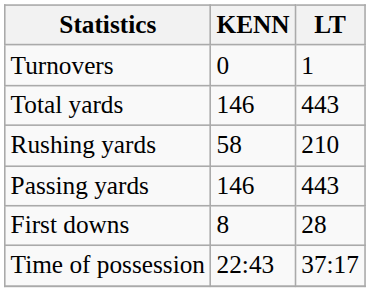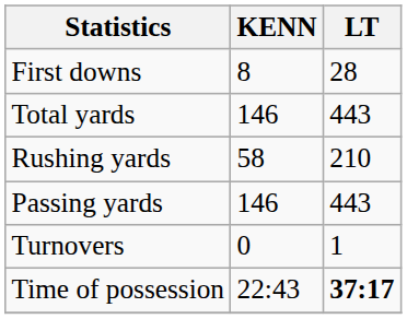 <table class="wikitable" style="float: left;">
 <tr>
 <th>Statistics</th>
 <th>KENN</th>
 <th>LT</th>
 </tr>
 <tr>
-<td>Turnovers</td>
-<td>0</td>
-<td>1</td>
+<td>First downs</td>
+<td>8</td>
+<td>28</td>
 </tr>
 <tr>
 <td>Total yards</td>
 <td>146</td>
 <td>443</td>
 </tr>
 <tr>
 <td>Rushing yards</td>
 <td>58</td>
 <td>210</td>
 </tr>
 <tr>
 <td>Passing yards</td>
 <td>146</td>
 <td>443</td>
 </tr>
 <tr>
-<td>First downs</td>
-<td>8</td>
-<td>28</td>
+<td>Turnovers</td>
+<td>0</td>
+<td>1</td>
 </tr>
 <tr>
 <td>Time of possession</td>
 <td>22:43</td>
-<td>37:17</td>
+<td><strong>37:17</strong></td>
 </tr>
 <tr>
 </tr>
 </table>
